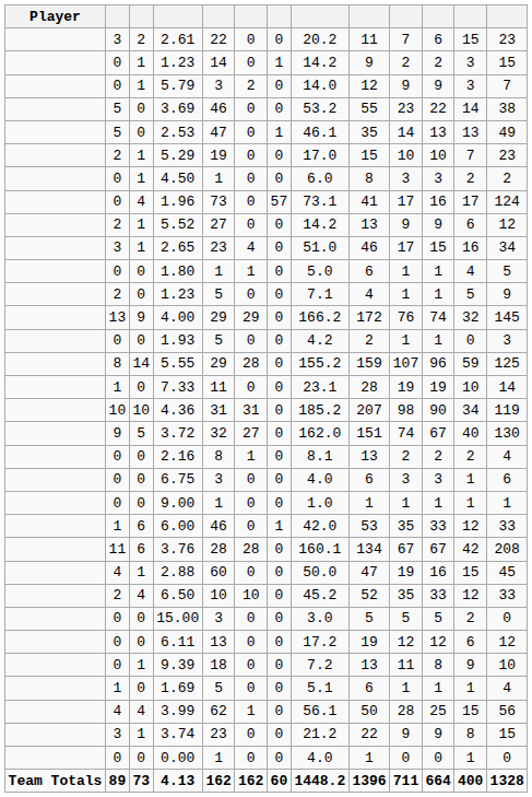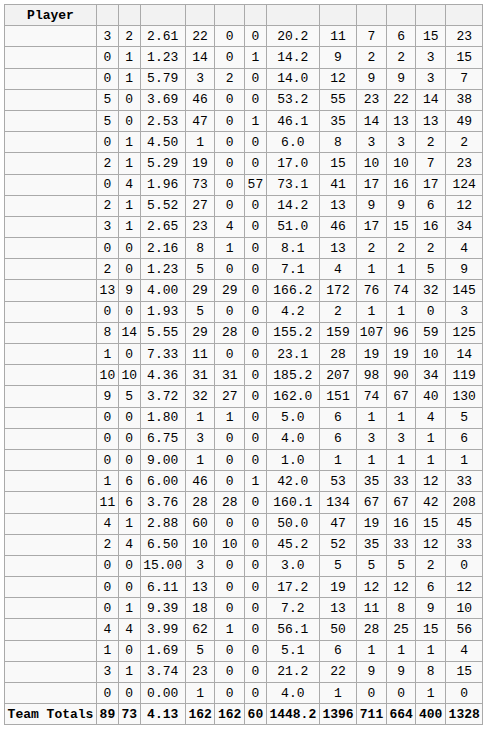 <table class="wikitable sortable" style="text-align:center;">
 <tr>
 <th>Player</th>
 <th></th>
 <th></th>
 <th></th>
 <th></th>
 <th></th>
 <th></th>
 <th></th>
 <th></th>
 <th></th>
 <th></th>
 <th></th>
 <th></th>
 </tr>
 <tr>
 <td align=left></td>
 <td>3</td>
 <td>2</td>
 <td>2.61</td>
 <td>22</td>
 <td>0</td>
 <td>0</td>
 <td>20.2</td>
 <td>11</td>
 <td>7</td>
 <td>6</td>
 <td>15</td>
 <td>23</td>
 </tr>
 <tr>
 <td align=left><strong></strong></td>
 <td>0</td>
 <td>1</td>
 <td>1.23</td>
 <td>14</td>
 <td>0</td>
 <td>1</td>
 <td>14.2</td>
 <td>9</td>
 <td>2</td>
 <td>2</td>
 <td>3</td>
 <td>15</td>
 </tr>
 <tr>
 <td align=left></td>
 <td>0</td>
 <td>1</td>
 <td>5.79</td>
 <td>3</td>
 <td>2</td>
 <td>0</td>
 <td>14.0</td>
 <td>12</td>
 <td>9</td>
 <td>9</td>
 <td>3</td>
 <td>7</td>
 </tr>
 <tr>
 <td align=left><strong></strong></td>
 <td>5</td>
 <td>0</td>
 <td>3.69</td>
 <td>46</td>
 <td>0</td>
 <td>0</td>
 <td>53.2</td>
 <td>55</td>
 <td>23</td>
 <td>22</td>
 <td>14</td>
 <td>38</td>
 </tr>
 <tr>
 <td align=left><strong></strong></td>
 <td>5</td>
 <td>0</td>
 <td>2.53</td>
 <td>47</td>
 <td>0</td>
 <td>1</td>
 <td>46.1</td>
 <td>35</td>
 <td>14</td>
 <td>13</td>
 <td>13</td>
 <td>49</td>
 </tr>
 <tr>
+<td align=left></td>
+<td>0</td>
+<td>1</td>
+<td>4.50</td>
+<td>1</td>
+<td>0</td>
+<td>0</td>
+<td>6.0</td>
+<td>8</td>
+<td>3</td>
+<td>3</td>
+<td>2</td>
+<td>2</td>
+</tr>
+<tr>
 <td align=left><strong></strong></td>
 <td>2</td>
 <td>1</td>
 <td>5.29</td>
 <td>19</td>
 <td>0</td>
 <td>0</td>
 <td>17.0</td>
 <td>15</td>
 <td>10</td>
 <td>10</td>
 <td>7</td>
 <td>23</td>
-</tr>
-<tr>
-<td align=left></td>
-<td>0</td>
-<td>1</td>
-<td>4.50</td>
-<td>1</td>
-<td>0</td>
-<td>0</td>
-<td>6.0</td>
-<td>8</td>
-<td>3</td>
-<td>3</td>
-<td>2</td>
-<td>2</td>
 </tr>
 <tr>
 <td align=left><strong></strong></td>
 <td>0</td>
 <td>4</td>
 <td>1.96</td>
 <td>73</td>
 <td>0</td>
 <td>57</td>
 <td>73.1</td>
 <td>41</td>
 <td>17</td>
 <td>16</td>
 <td>17</td>
 <td>124</td>
 </tr>
 <tr>
 <td align=left><strong></strong></td>
 <td>2</td>
 <td>1</td>
 <td>5.52</td>
 <td>27</td>
 <td>0</td>
 <td>0</td>
 <td>14.2</td>
 <td>13</td>
 <td>9</td>
 <td>9</td>
 <td>6</td>
 <td>12</td>
 </tr>
 <tr>
 <td align=left><strong></strong></td>
 <td>3</td>
 <td>1</td>
 <td>2.65</td>
 <td>23</td>
 <td>4</td>
 <td>0</td>
 <td>51.0</td>
 <td>46</td>
 <td>17</td>
 <td>15</td>
 <td>16</td>
 <td>34</td>
 </tr>
 <tr>
-<td align=left></td>
+<td align=left><strong></strong></td>
 <td>0</td>
 <td>0</td>
-<td>1.80</td>
-<td>1</td>
+<td>2.16</td>
+<td>8</td>
 <td>1</td>
 <td>0</td>
-<td>5.0</td>
-<td>6</td>
-<td>1</td>
-<td>1</td>
+<td>8.1</td>
+<td>13</td>
+<td>2</td>
+<td>2</td>
+<td>2</td>
 <td>4</td>
-<td>5</td>
 </tr>
 <tr>
 <td align=left></td>
 <td>2</td>
 <td>0</td>
 <td>1.23</td>
 <td>5</td>
 <td>0</td>
 <td>0</td>
 <td>7.1</td>
 <td>4</td>
 <td>1</td>
 <td>1</td>
 <td>5</td>
 <td>9</td>
 </tr>
 <tr>
 <td align=left><strong></strong></td>
 <td>13</td>
 <td>9</td>
 <td>4.00</td>
 <td>29</td>
 <td>29</td>
 <td>0</td>
 <td>166.2</td>
 <td>172</td>
 <td>76</td>
 <td>74</td>
 <td>32</td>
 <td>145</td>
 </tr>
 <tr>
 <td align=left><strong></strong></td>
 <td>0</td>
 <td>0</td>
 <td>1.93</td>
 <td>5</td>
 <td>0</td>
 <td>0</td>
 <td>4.2</td>
 <td>2</td>
 <td>1</td>
 <td>1</td>
 <td>0</td>
 <td>3</td>
 </tr>
 <tr>
 <td align=left><strong></strong></td>
 <td>8</td>
 <td>14</td>
 <td>5.55</td>
 <td>29</td>
 <td>28</td>
 <td>0</td>
 <td>155.2</td>
 <td>159</td>
 <td>107</td>
 <td>96</td>
 <td>59</td>
 <td>125</td>
 </tr>
 <tr>
 <td align=left><strong></strong></td>
 <td>1</td>
 <td>0</td>
 <td>7.33</td>
 <td>11</td>
 <td>0</td>
 <td>0</td>
 <td>23.1</td>
 <td>28</td>
 <td>19</td>
 <td>19</td>
 <td>10</td>
 <td>14</td>
 </tr>
 <tr>
 <td align=left><strong></strong></td>
 <td>10</td>
 <td>10</td>
 <td>4.36</td>
 <td>31</td>
 <td>31</td>
 <td>0</td>
 <td>185.2</td>
 <td>207</td>
 <td>98</td>
 <td>90</td>
 <td>34</td>
 <td>119</td>
 </tr>
 <tr>
 <td align=left><strong></strong></td>
 <td>9</td>
 <td>5</td>
 <td>3.72</td>
 <td>32</td>
 <td>27</td>
 <td>0</td>
 <td>162.0</td>
 <td>151</td>
 <td>74</td>
 <td>67</td>
 <td>40</td>
 <td>130</td>
 </tr>
 <tr>
-<td align=left><strong></strong></td>
+<td align=left></td>
 <td>0</td>
 <td>0</td>
-<td>2.16</td>
-<td>8</td>
+<td>1.80</td>
+<td>1</td>
 <td>1</td>
 <td>0</td>
-<td>8.1</td>
-<td>13</td>
-<td>2</td>
-<td>2</td>
-<td>2</td>
+<td>5.0</td>
+<td>6</td>
+<td>1</td>
+<td>1</td>
 <td>4</td>
+<td>5</td>
 </tr>
 <tr>
 <td align=left></td>
 <td>0</td>
 <td>0</td>
 <td>6.75</td>
 <td>3</td>
 <td>0</td>
 <td>0</td>
 <td>4.0</td>
 <td>6</td>
 <td>3</td>
 <td>3</td>
 <td>1</td>
 <td>6</td>
 </tr>
 <tr>
 <td align=left></td>
 <td>0</td>
 <td>0</td>
 <td>9.00</td>
 <td>1</td>
 <td>0</td>
 <td>0</td>
 <td>1.0</td>
 <td>1</td>
 <td>1</td>
 <td>1</td>
 <td>1</td>
 <td>1</td>
 </tr>
 <tr>
 <td align=left></td>
 <td>1</td>
 <td>6</td>
 <td>6.00</td>
 <td>46</td>
 <td>0</td>
 <td>1</td>
 <td>42.0</td>
 <td>53</td>
 <td>35</td>
 <td>33</td>
 <td>12</td>
 <td>33</td>
 </tr>
 <tr>
 <td align=left><strong></strong></td>
 <td>11</td>
 <td>6</td>
 <td>3.76</td>
 <td>28</td>
 <td>28</td>
 <td>0</td>
 <td>160.1</td>
 <td>134</td>
 <td>67</td>
 <td>67</td>
 <td>42</td>
 <td>208</td>
 </tr>
 <tr>
 <td align=left><strong></strong></td>
 <td>4</td>
 <td>1</td>
 <td>2.88</td>
 <td>60</td>
 <td>0</td>
 <td>0</td>
 <td>50.0</td>
 <td>47</td>
 <td>19</td>
 <td>16</td>
 <td>15</td>
 <td>45</td>
 </tr>
 <tr>
 <td align=left><strong></strong></td>
 <td>2</td>
 <td>4</td>
 <td>6.50</td>
 <td>10</td>
 <td>10</td>
 <td>0</td>
 <td>45.2</td>
 <td>52</td>
 <td>35</td>
 <td>33</td>
 <td>12</td>
 <td>33</td>
 </tr>
 <tr>
 <td align=left><strong></strong></td>
 <td>0</td>
 <td>0</td>
 <td>15.00</td>
 <td>3</td>
 <td>0</td>
 <td>0</td>
 <td>3.0</td>
 <td>5</td>
 <td>5</td>
 <td>5</td>
 <td>2</td>
 <td>0</td>
 </tr>
 <tr>
 <td align=left><strong></strong></td>
 <td>0</td>
 <td>0</td>
 <td>6.11</td>
 <td>13</td>
 <td>0</td>
 <td>0</td>
 <td>17.2</td>
 <td>19</td>
 <td>12</td>
 <td>12</td>
 <td>6</td>
 <td>12</td>
 </tr>
 <tr>
 <td align=left></td>
 <td>0</td>
 <td>1</td>
 <td>9.39</td>
 <td>18</td>
 <td>0</td>
 <td>0</td>
 <td>7.2</td>
 <td>13</td>
 <td>11</td>
 <td>8</td>
 <td>9</td>
 <td>10</td>
 </tr>
 <tr>
+<td align=left><strong></strong></td>
+<td>4</td>
+<td>4</td>
+<td>3.99</td>
+<td>62</td>
+<td>1</td>
+<td>0</td>
+<td>56.1</td>
+<td>50</td>
+<td>28</td>
+<td>25</td>
+<td>15</td>
+<td>56</td>
+</tr>
+<tr>
 <td align=left></td>
 <td>1</td>
 <td>0</td>
 <td>1.69</td>
 <td>5</td>
 <td>0</td>
 <td>0</td>
 <td>5.1</td>
 <td>6</td>
 <td>1</td>
 <td>1</td>
 <td>1</td>
 <td>4</td>
-</tr>
-<tr>
-<td align=left><strong></strong></td>
-<td>4</td>
-<td>4</td>
-<td>3.99</td>
-<td>62</td>
-<td>1</td>
-<td>0</td>
-<td>56.1</td>
-<td>50</td>
-<td>28</td>
-<td>25</td>
-<td>15</td>
-<td>56</td>
 </tr>
 <tr>
 <td align=left><strong></strong></td>
 <td>3</td>
 <td>1</td>
 <td>3.74</td>
 <td>23</td>
 <td>0</td>
 <td>0</td>
 <td>21.2</td>
 <td>22</td>
 <td>9</td>
 <td>9</td>
 <td>8</td>
 <td>15</td>
 </tr>
 <tr>
 <td align=left></td>
 <td>0</td>
 <td>0</td>
 <td>0.00</td>
 <td>1</td>
 <td>0</td>
 <td>0</td>
 <td>4.0</td>
 <td>1</td>
 <td>0</td>
 <td>0</td>
 <td>1</td>
 <td>0</td>
 </tr>
 <tr>
 <td align=left><strong>Team Totals</strong></td>
 <td><strong>89</strong></td>
 <td><strong>73</strong></td>
 <td><strong>4.13</strong></td>
 <td><strong>162</strong></td>
 <td><strong>162</strong></td>
 <td><strong>60</strong></td>
 <td><strong>1448.2</strong></td>
 <td><strong>1396</strong></td>
 <td><strong>711</strong></td>
 <td><strong>664</strong></td>
 <td><strong>400</strong></td>
 <td><strong>1328</strong></td>
 </tr>
 <tr class=="sortbottom">
 </tr>
 </table>
